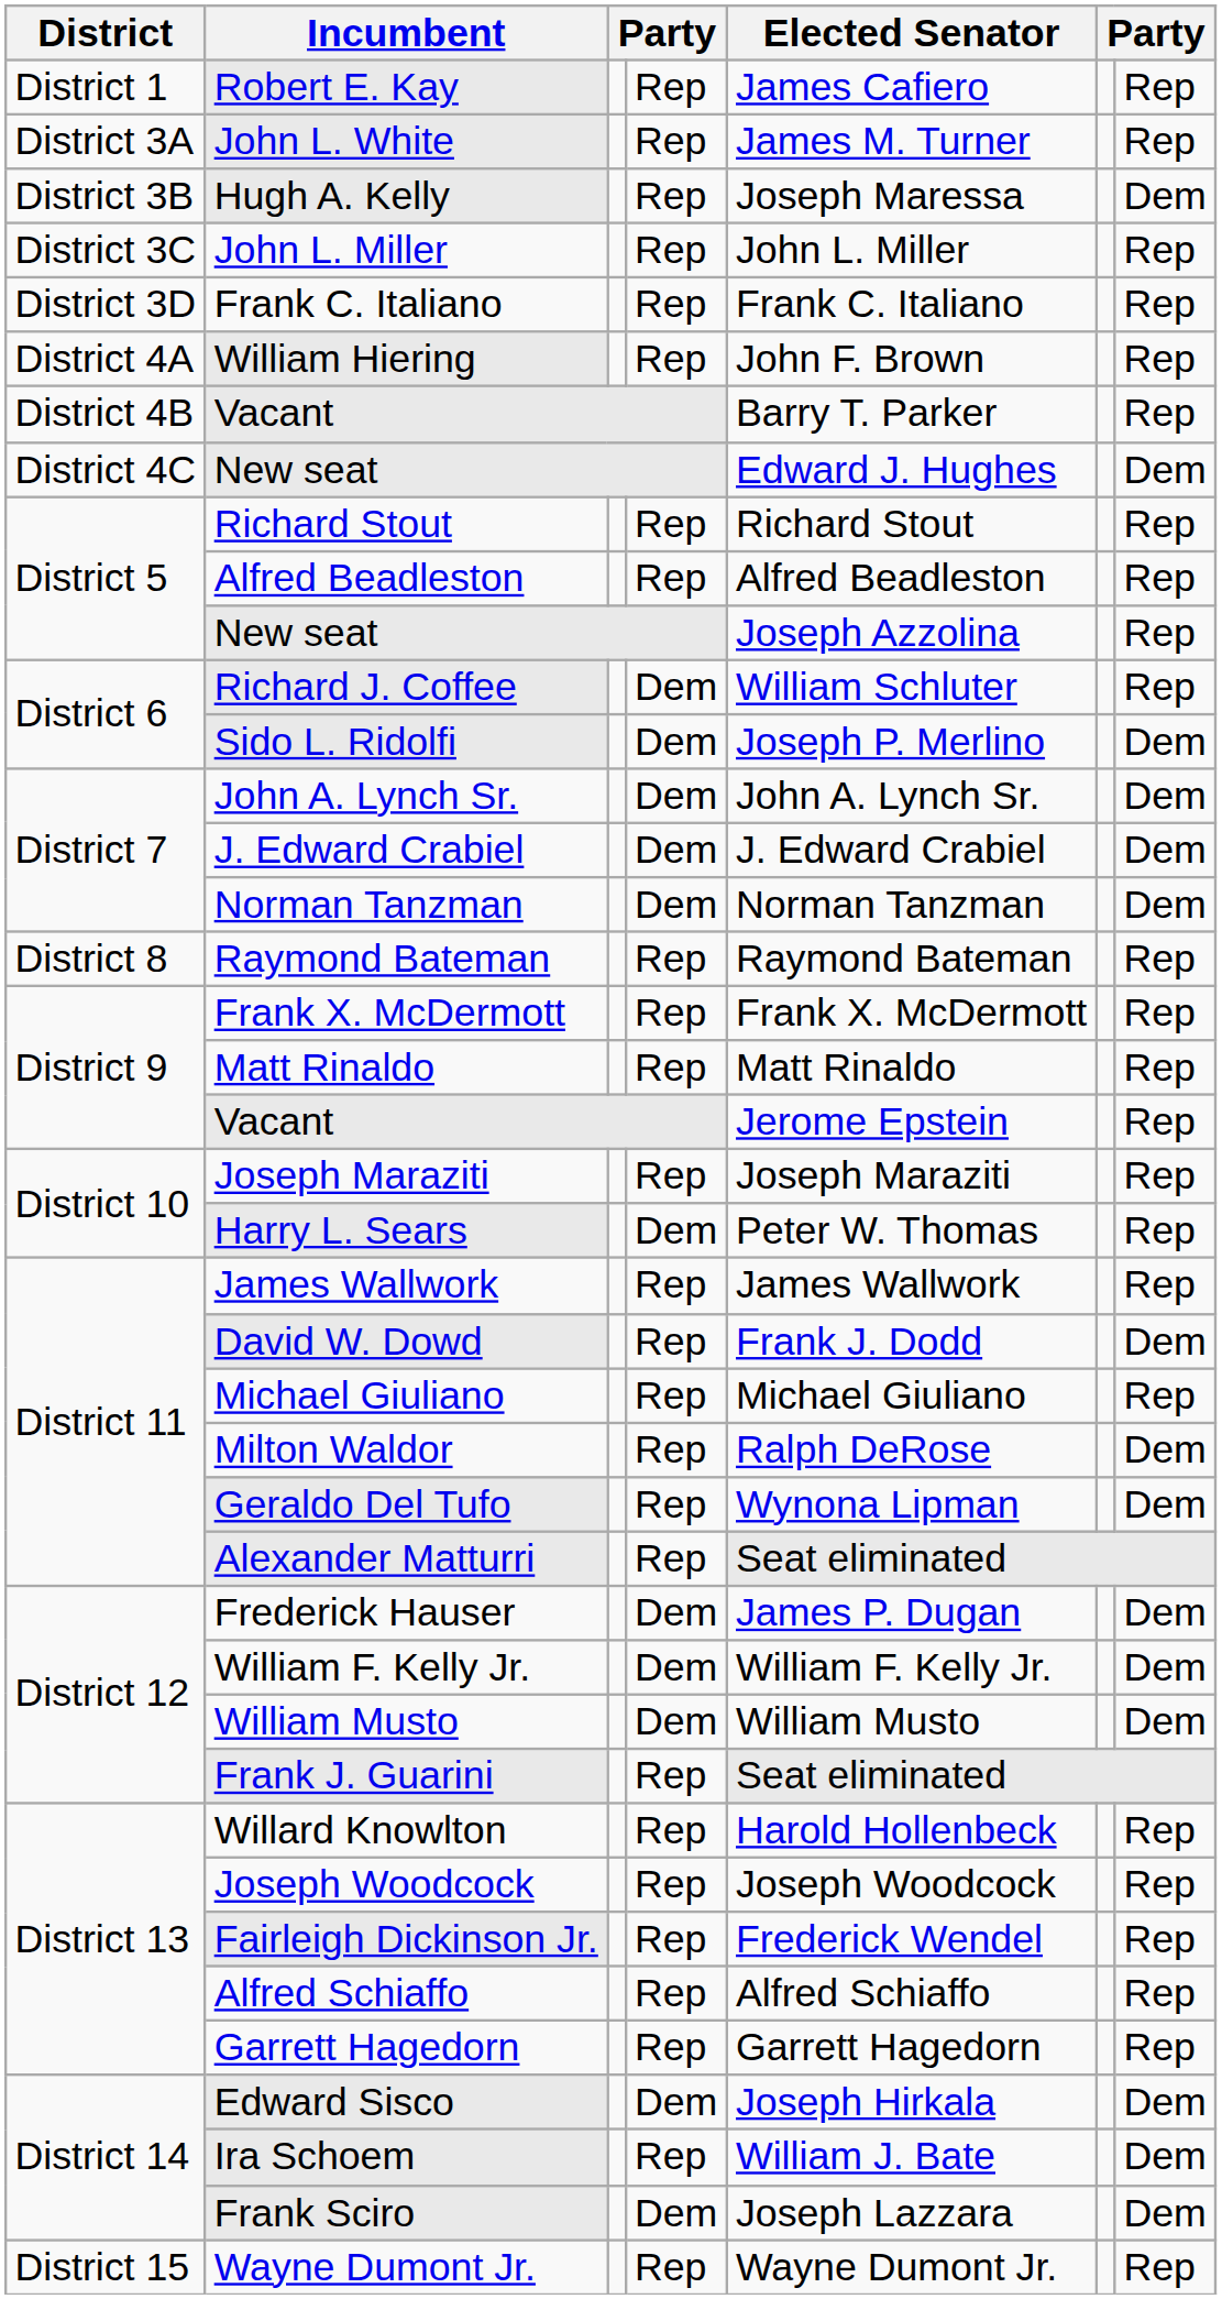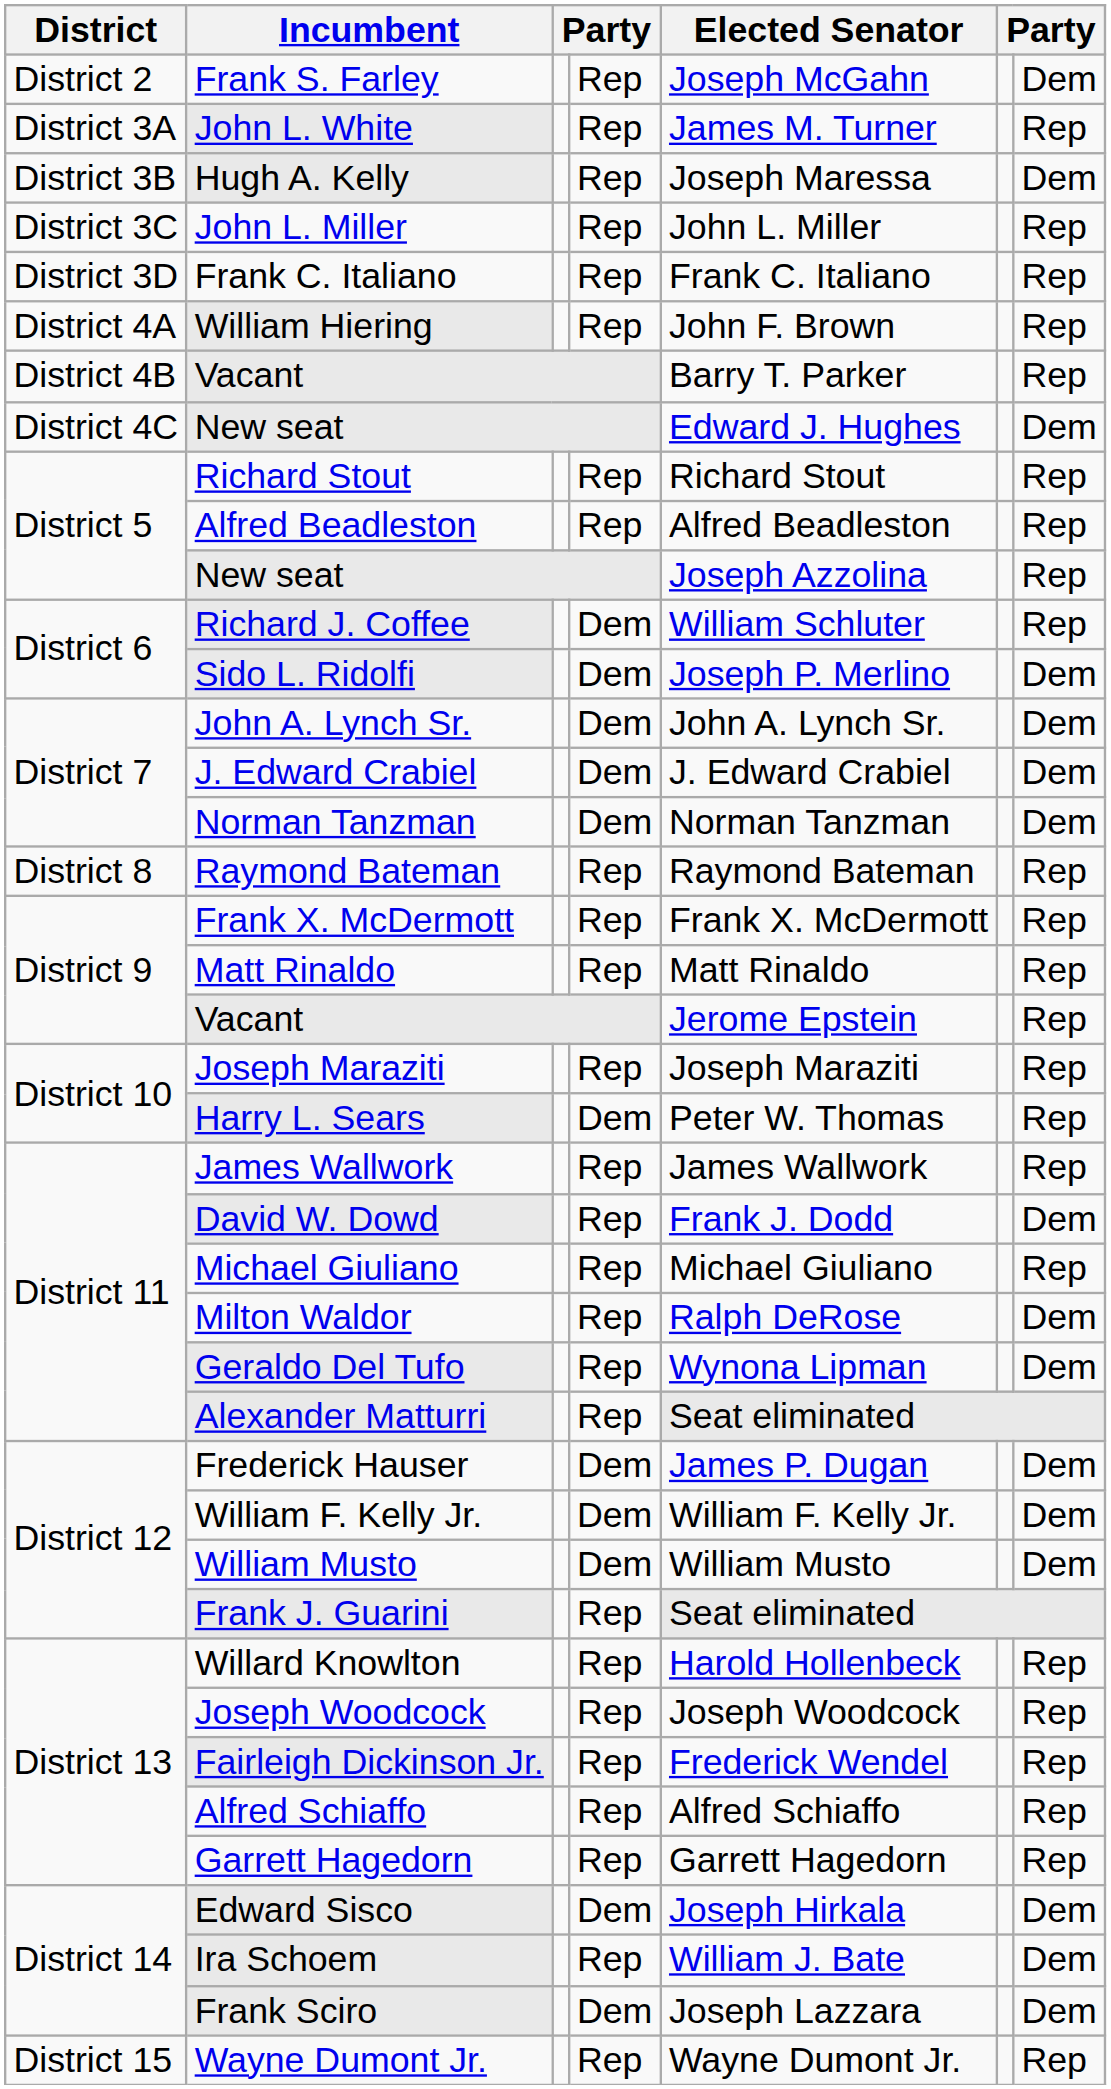 <table class="sortable wikitable" style="font-size:95%;line-height:14px;">
 <tr>
 <th>District</th>
 <th class="unsortable"><a href='#'>Incumbent</a></th>
 <th colspan="2">Party</th>
 <th class="unsortable">Elected Senator</th>
 <th colspan="2">Party</th>
 </tr>
 <tr>
-<td>District 1</td>
-<td style="background:#E9E9E9;"><a href='#'>Robert E. Kay</a></td>
+<td>District 2</td>
+<td><a href='#'>Frank S. Farley</a></td>
 <td style="background:"></td>
 <td>Rep</td>
-<td><a href='#'>James Cafiero</a></td>
+<td><a href='#'>Joseph McGahn</a></td>
 <td style="background:"></td>
-<td>Rep</td>
+<td>Dem</td>
 </tr>
 <tr>
 <td>District 3A</td>
 <td style="background:#E9E9E9;"><a href='#'>John L. White</a></td>
 <td style="background:"></td>
 <td>Rep</td>
 <td><a href='#'>James M. Turner</a></td>
 <td style="background:"></td>
 <td>Rep</td>
 </tr>
 <tr>
 <td>District 3B</td>
 <td style="background:#E9E9E9;">Hugh A. Kelly</td>
 <td style="background:"></td>
 <td>Rep</td>
 <td>Joseph Maressa</td>
 <td style="background:"></td>
 <td>Dem</td>
 </tr>
 <tr>
 <td>District 3C</td>
 <td><a href='#'>John L. Miller</a></td>
 <td style="background:"></td>
 <td>Rep</td>
 <td>John L. Miller</td>
 <td style="background:"></td>
 <td>Rep</td>
 </tr>
 <tr>
 <td>District 3D</td>
 <td>Frank C. Italiano</td>
 <td style="background:"></td>
 <td>Rep</td>
 <td>Frank C. Italiano</td>
 <td style="background:"></td>
 <td>Rep</td>
 </tr>
 <tr>
 <td>District 4A</td>
 <td style="background:#E9E9E9;">William Hiering</td>
 <td style="background:"></td>
 <td>Rep</td>
 <td>John F. Brown</td>
 <td style="background:"></td>
 <td>Rep</td>
 </tr>
 <tr>
 <td>District 4B</td>
 <td colspan="3" style="background:#E9E9E9;">Vacant</td>
 <td>Barry T. Parker</td>
 <td style="background:"></td>
 <td>Rep</td>
 </tr>
 <tr>
 <td>District 4C</td>
 <td colspan="3" style="background:#E9E9E9;">New seat</td>
 <td><a href='#'>Edward J. Hughes</a></td>
 <td style="background:"></td>
 <td>Dem</td>
 </tr>
 <tr>
 <td rowspan="3">District 5</td>
 <td><a href='#'>Richard Stout</a></td>
 <td style="background:"></td>
 <td>Rep</td>
 <td>Richard Stout</td>
 <td style="background:"></td>
 <td>Rep</td>
 </tr>
 <tr>
 <td><a href='#'>Alfred Beadleston</a></td>
 <td style="background:"></td>
 <td>Rep</td>
 <td>Alfred Beadleston</td>
 <td style="background:"></td>
 <td>Rep</td>
 </tr>
 <tr>
 <td colspan="3" style="background:#E9E9E9;">New seat</td>
 <td><a href='#'>Joseph Azzolina</a></td>
 <td style="background:"></td>
 <td>Rep</td>
 </tr>
 <tr>
 <td rowspan="2">District 6</td>
 <td style="background:#E9E9E9;"><a href='#'>Richard J. Coffee</a></td>
 <td style="background:"></td>
 <td>Dem</td>
 <td><a href='#'>William Schluter</a></td>
 <td style="background:"></td>
 <td>Rep</td>
 </tr>
 <tr>
 <td style="background:#E9E9E9;"><a href='#'>Sido L. Ridolfi</a></td>
 <td style="background:"></td>
 <td>Dem</td>
 <td><a href='#'>Joseph P. Merlino</a></td>
 <td style="background:"></td>
 <td>Dem</td>
 </tr>
 <tr>
 <td rowspan="3">District 7</td>
 <td><a href='#'>John A. Lynch Sr.</a></td>
 <td style="background:"></td>
 <td>Dem</td>
 <td>John A. Lynch Sr.</td>
 <td style="background:"></td>
 <td>Dem</td>
 </tr>
 <tr>
 <td><a href='#'>J. Edward Crabiel</a></td>
 <td style="background:"></td>
 <td>Dem</td>
 <td>J. Edward Crabiel</td>
 <td style="background:"></td>
 <td>Dem</td>
 </tr>
 <tr>
 <td><a href='#'>Norman Tanzman</a></td>
 <td style="background:"></td>
 <td>Dem</td>
 <td>Norman Tanzman</td>
 <td style="background:"></td>
 <td>Dem</td>
 </tr>
 <tr>
 <td>District 8</td>
 <td><a href='#'>Raymond Bateman</a></td>
 <td style="background:"></td>
 <td>Rep</td>
 <td>Raymond Bateman</td>
 <td style="background:"></td>
 <td>Rep</td>
 </tr>
 <tr>
 <td rowspan="3">District 9</td>
 <td><a href='#'>Frank X. McDermott</a></td>
 <td style="background:"></td>
 <td>Rep</td>
 <td>Frank X. McDermott</td>
 <td style="background:"></td>
 <td>Rep</td>
 </tr>
 <tr>
 <td><a href='#'>Matt Rinaldo</a></td>
 <td style="background:"></td>
 <td>Rep</td>
 <td>Matt Rinaldo</td>
 <td style="background:"></td>
 <td>Rep</td>
 </tr>
 <tr>
 <td colspan="3" style="background:#E9E9E9;">Vacant</td>
 <td><a href='#'>Jerome Epstein</a></td>
 <td style="background:"></td>
 <td>Rep</td>
 </tr>
 <tr>
 <td rowspan="2">District 10</td>
 <td><a href='#'>Joseph Maraziti</a></td>
 <td style="background:"></td>
 <td>Rep</td>
 <td>Joseph Maraziti</td>
 <td style="background:"></td>
 <td>Rep</td>
 </tr>
 <tr>
 <td style="background:#E9E9E9;"><a href='#'>Harry L. Sears</a></td>
 <td style="background:"></td>
 <td>Dem</td>
 <td>Peter W. Thomas</td>
 <td style="background:"></td>
 <td>Rep</td>
 </tr>
 <tr>
 <td rowspan="6">District 11</td>
 <td><a href='#'>James Wallwork</a></td>
 <td style="background:"></td>
 <td>Rep</td>
 <td>James Wallwork</td>
 <td style="background:"></td>
 <td>Rep</td>
 </tr>
 <tr>
 <td style="background:#E9E9E9;"><a href='#'>David W. Dowd</a></td>
 <td style="background:"></td>
 <td>Rep</td>
 <td><a href='#'>Frank J. Dodd</a></td>
 <td style="background:"></td>
 <td>Dem</td>
 </tr>
 <tr>
 <td><a href='#'>Michael Giuliano</a></td>
 <td style="background:"></td>
 <td>Rep</td>
 <td>Michael Giuliano</td>
 <td style="background:"></td>
 <td>Rep</td>
 </tr>
 <tr>
 <td><a href='#'>Milton Waldor</a></td>
 <td style="background:"></td>
 <td>Rep</td>
 <td><a href='#'>Ralph DeRose</a></td>
 <td style="background:"></td>
 <td>Dem</td>
 </tr>
 <tr>
 <td style="background:#E9E9E9;"><a href='#'>Geraldo Del Tufo</a></td>
 <td style="background:"></td>
 <td>Rep</td>
 <td><a href='#'>Wynona Lipman</a></td>
 <td style="background:"></td>
 <td>Dem</td>
 </tr>
 <tr>
 <td style="background:#E9E9E9;"><a href='#'>Alexander Matturri</a></td>
 <td style="background:"></td>
 <td>Rep</td>
 <td colspan="3" style="background:#E9E9E9;">Seat eliminated</td>
 </tr>
 <tr>
 <td rowspan="4">District 12</td>
 <td>Frederick Hauser</td>
 <td style="background:"></td>
 <td>Dem</td>
 <td><a href='#'>James P. Dugan</a></td>
 <td style="background:"></td>
 <td>Dem</td>
 </tr>
 <tr>
 <td>William F. Kelly Jr.</td>
 <td style="background:"></td>
 <td>Dem</td>
 <td>William F. Kelly Jr.</td>
 <td style="background:"></td>
 <td>Dem</td>
 </tr>
 <tr>
 <td><a href='#'>William Musto</a></td>
 <td style="background:"></td>
 <td>Dem</td>
 <td>William Musto</td>
 <td style="background:"></td>
 <td>Dem</td>
 </tr>
 <tr>
 <td style="background:#E9E9E9;"><a href='#'>Frank J. Guarini</a></td>
 <td style="background:"></td>
 <td>Rep</td>
 <td colspan="3" style="background:#E9E9E9;">Seat eliminated</td>
 </tr>
 <tr>
 <td rowspan="5">District 13</td>
 <td>Willard Knowlton</td>
 <td style="background:"></td>
 <td>Rep</td>
 <td><a href='#'>Harold Hollenbeck</a></td>
 <td style="background:"></td>
 <td>Rep</td>
 </tr>
 <tr>
 <td><a href='#'>Joseph Woodcock</a></td>
 <td style="background:"></td>
 <td>Rep</td>
 <td>Joseph Woodcock</td>
 <td style="background:"></td>
 <td>Rep</td>
 </tr>
 <tr>
 <td style="background:#E9E9E9;"><a href='#'>Fairleigh Dickinson Jr.</a></td>
 <td style="background:"></td>
 <td>Rep</td>
 <td><a href='#'>Frederick Wendel</a></td>
 <td style="background:"></td>
 <td>Rep</td>
 </tr>
 <tr>
 <td><a href='#'>Alfred Schiaffo</a></td>
 <td style="background:"></td>
 <td>Rep</td>
 <td>Alfred Schiaffo</td>
 <td style="background:"></td>
 <td>Rep</td>
 </tr>
 <tr>
 <td><a href='#'>Garrett Hagedorn</a></td>
 <td style="background:"></td>
 <td>Rep</td>
 <td>Garrett Hagedorn</td>
 <td style="background:"></td>
 <td>Rep</td>
 </tr>
 <tr>
 <td rowspan="3">District 14</td>
 <td style="background:#E9E9E9;">Edward Sisco</td>
 <td style="background:"></td>
 <td>Dem</td>
 <td><a href='#'>Joseph Hirkala</a></td>
 <td style="background:"></td>
 <td>Dem</td>
 </tr>
 <tr>
 <td style="background:#E9E9E9;">Ira Schoem</td>
 <td style="background:"></td>
 <td>Rep</td>
 <td><a href='#'>William J. Bate</a></td>
 <td style="background:"></td>
 <td>Dem</td>
 </tr>
 <tr>
 <td style="background:#E9E9E9;">Frank Sciro</td>
 <td style="background:"></td>
 <td>Dem</td>
 <td>Joseph Lazzara</td>
 <td style="background:"></td>
 <td>Dem</td>
 </tr>
 <tr>
 <td>District 15</td>
 <td><a href='#'>Wayne Dumont Jr.</a></td>
 <td style="background:"></td>
 <td>Rep</td>
 <td>Wayne Dumont Jr.</td>
 <td style="background:"></td>
 <td>Rep</td>
 </tr>
 </table>
